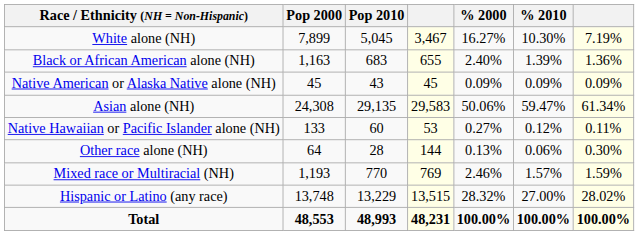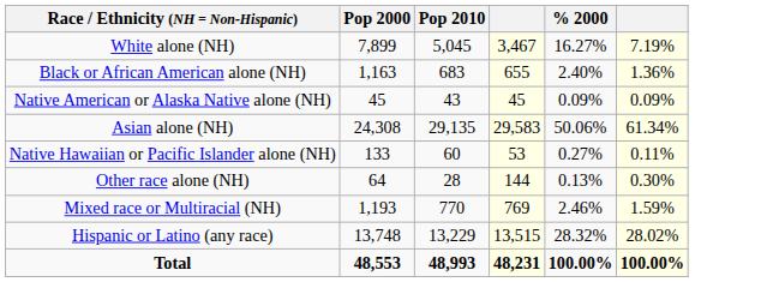 <table class="wikitable" style="text-align:center;">
 <tr>
 <th>Race / Ethnicity <small>(<em>NH = Non-Hispanic</em>)</small></th>
 <th>Pop 2000</th>
 <th>Pop 2010</th>
 <th></th>
 <th>% 2000</th>
-<th>% 2010</th>
 <th></th>
 </tr>
 <tr>
 <td><a href='#'>White</a> alone (NH)</td>
 <td>7,899</td>
 <td>5,045</td>
 <td style='background: #ffffe6;'>3,467</td>
 <td>16.27%</td>
-<td>10.30%</td>
 <td style='background: #ffffe6;'>7.19%</td>
 </tr>
 <tr>
 <td><a href='#'>Black or African American</a> alone (NH)</td>
 <td>1,163</td>
 <td>683</td>
 <td style='background: #ffffe6;'>655</td>
 <td>2.40%</td>
-<td>1.39%</td>
 <td style='background: #ffffe6;'>1.36%</td>
 </tr>
 <tr>
 <td><a href='#'>Native American</a> or <a href='#'>Alaska Native</a> alone (NH)</td>
 <td>45</td>
 <td>43</td>
 <td style='background: #ffffe6;'>45</td>
-<td>0.09%</td>
 <td>0.09%</td>
 <td style='background: #ffffe6;'>0.09%</td>
 </tr>
 <tr>
 <td><a href='#'>Asian</a> alone (NH)</td>
 <td>24,308</td>
 <td>29,135</td>
 <td style='background: #ffffe6;'>29,583</td>
 <td>50.06%</td>
-<td>59.47%</td>
 <td style='background: #ffffe6;'>61.34%</td>
 </tr>
 <tr>
 <td><a href='#'>Native Hawaiian</a> or <a href='#'>Pacific Islander</a> alone (NH)</td>
 <td>133</td>
 <td>60</td>
 <td style='background: #ffffe6;'>53</td>
 <td>0.27%</td>
-<td>0.12%</td>
 <td style='background: #ffffe6;'>0.11%</td>
 </tr>
 <tr>
 <td><a href='#'>Other race</a> alone (NH)</td>
 <td>64</td>
 <td>28</td>
 <td style='background: #ffffe6;'>144</td>
 <td>0.13%</td>
-<td>0.06%</td>
 <td style='background: #ffffe6;'>0.30%</td>
 </tr>
 <tr>
 <td><a href='#'>Mixed race or Multiracial</a> (NH)</td>
 <td>1,193</td>
 <td>770</td>
 <td style='background: #ffffe6;'>769</td>
 <td>2.46%</td>
-<td>1.57%</td>
 <td style='background: #ffffe6;'>1.59%</td>
 </tr>
 <tr>
 <td><a href='#'>Hispanic or Latino</a> (any race)</td>
 <td>13,748</td>
 <td>13,229</td>
 <td style='background: #ffffe6;'>13,515</td>
 <td>28.32%</td>
-<td>27.00%</td>
 <td style='background: #ffffe6;'>28.02%</td>
 </tr>
 <tr>
 <td><strong>Total</strong></td>
 <td><strong>48,553</strong></td>
 <td><strong>48,993</strong></td>
 <td style='background: #ffffe6;'><strong>48,231</strong></td>
 <td><strong>100.00%</strong></td>
-<td><strong>100.00%</strong></td>
 <td style='background: #ffffe6;'><strong>100.00%</strong></td>
 </tr>
 </table>
